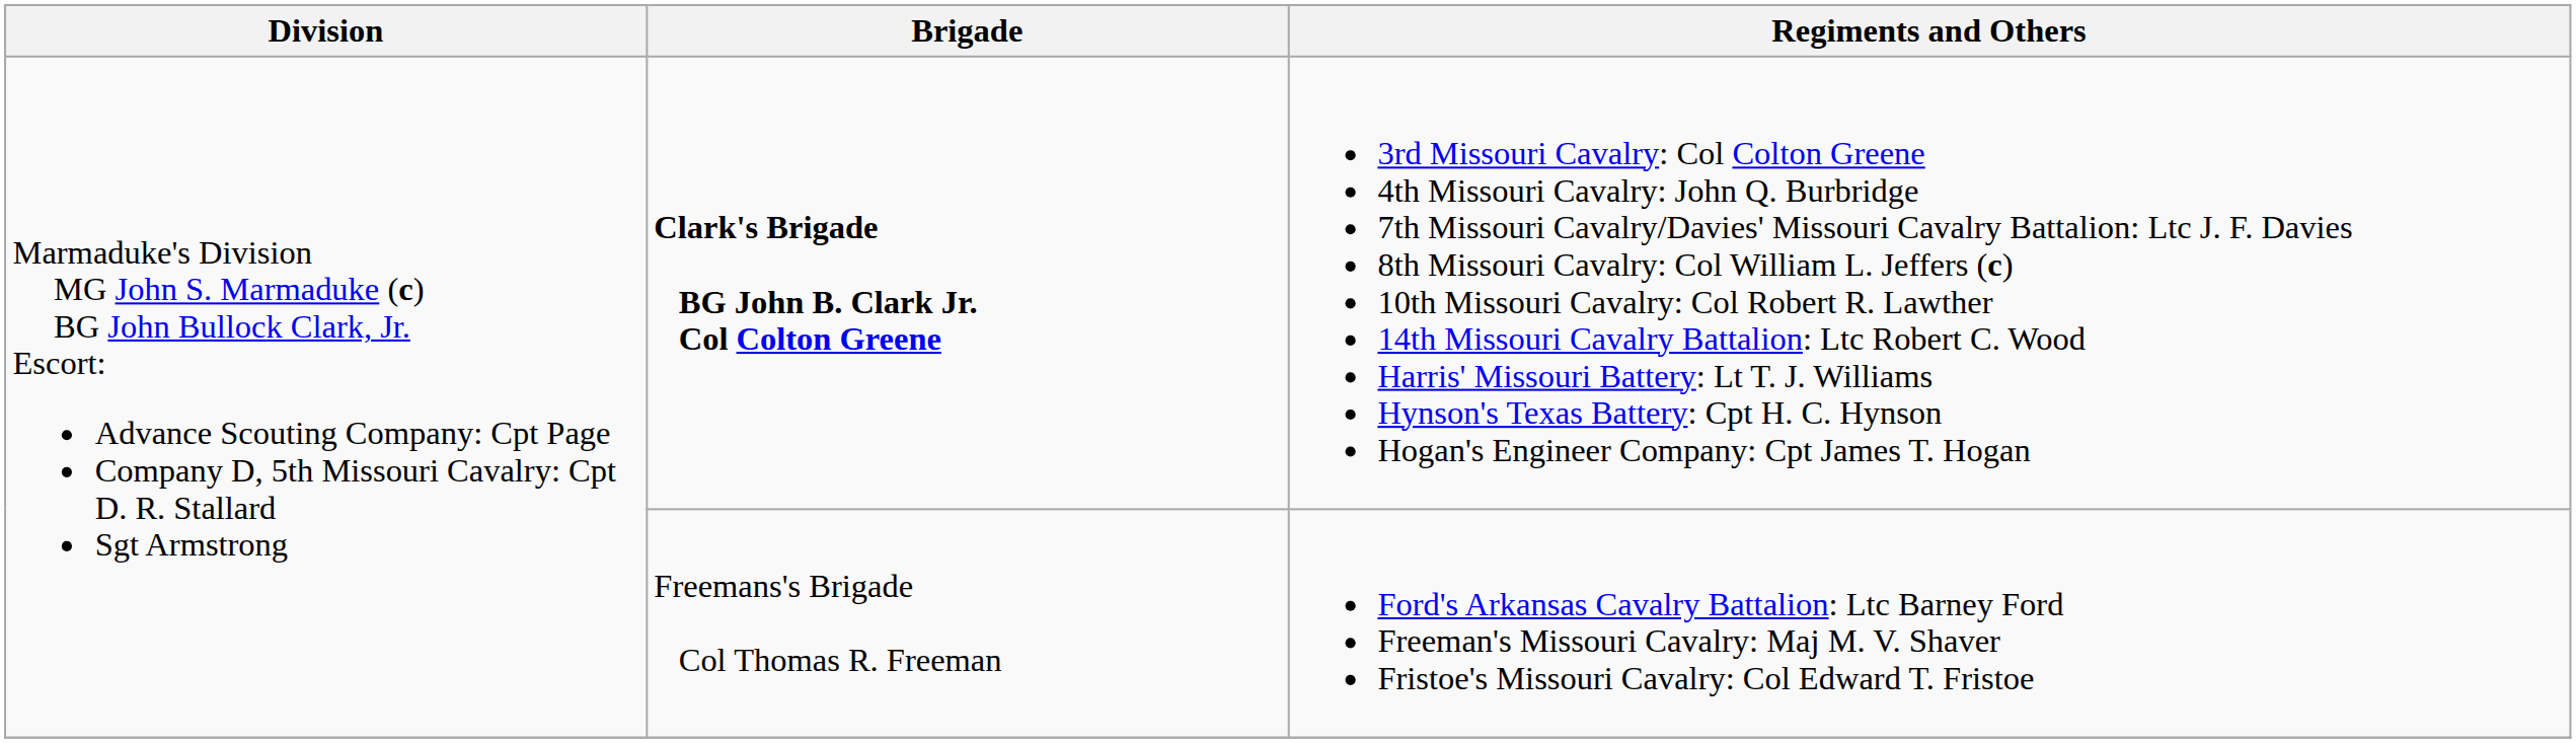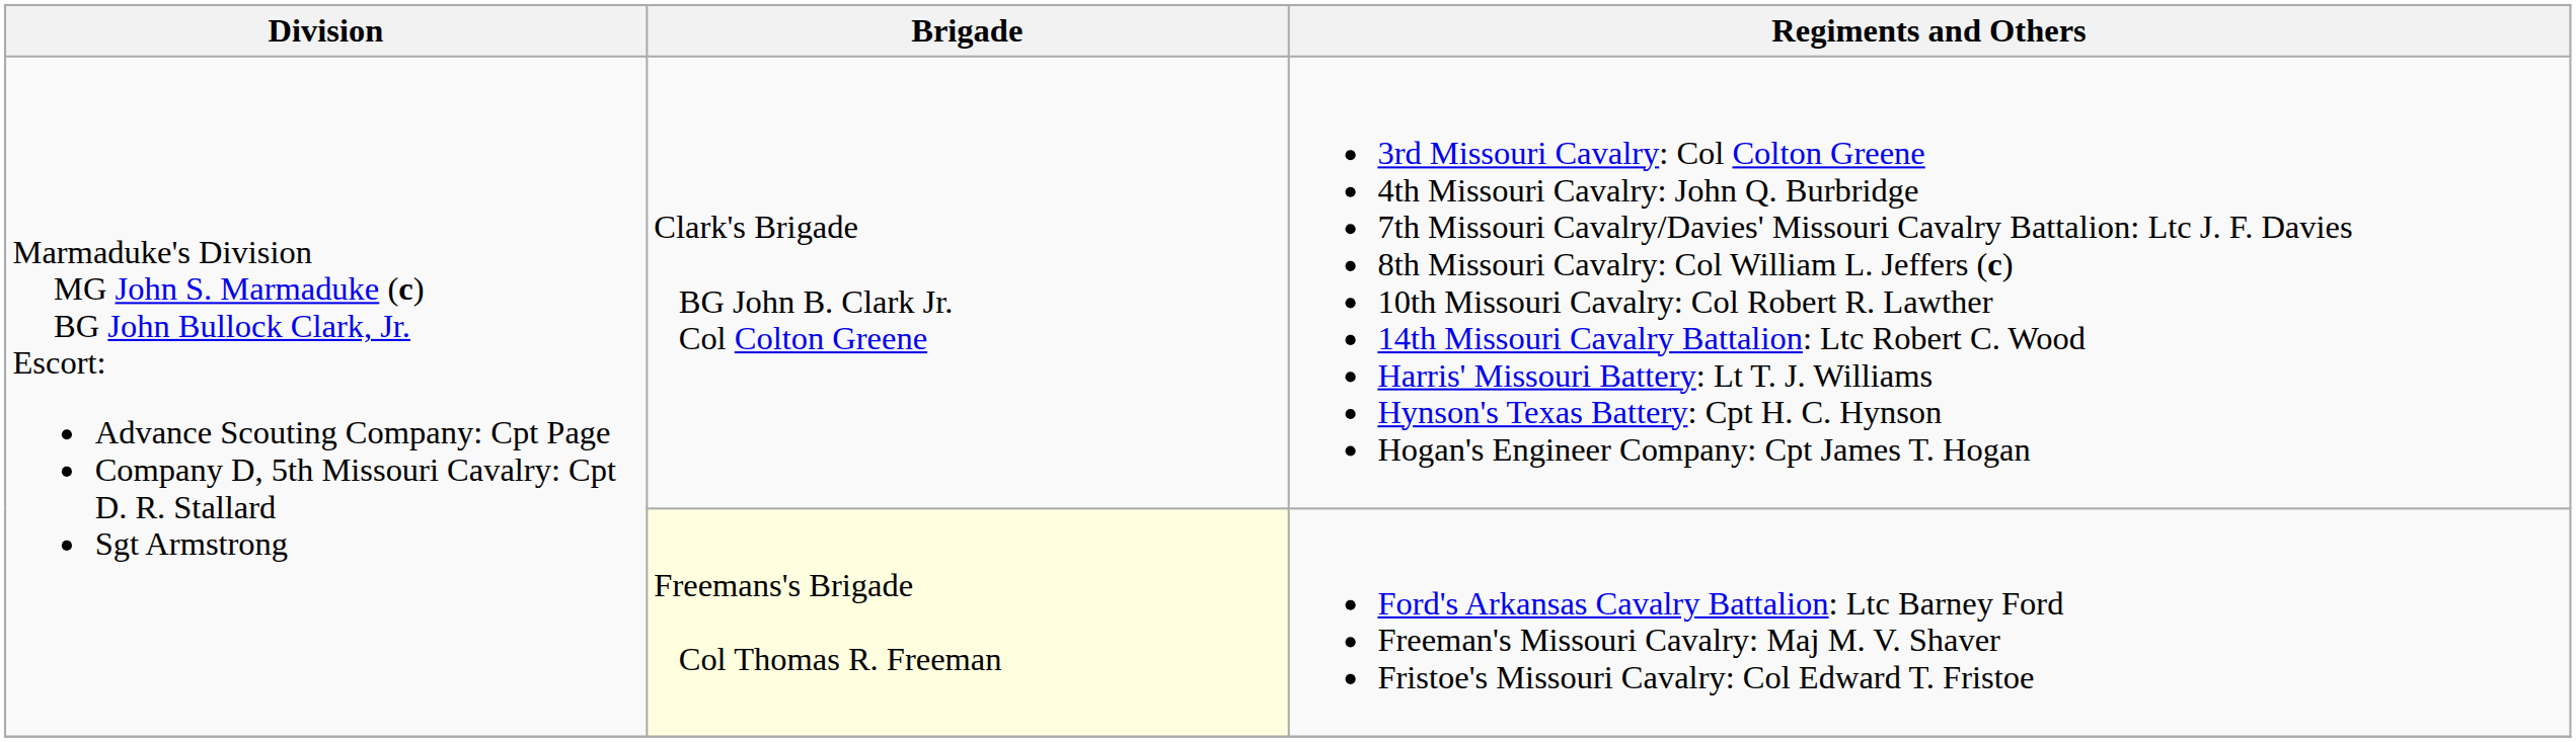 <table class="wikitable">
 <tr>
 <th width=25%>Division</th>
 <th width=25%>Brigade</th>
 <th>Regiments and Others</th>
 </tr>
 <tr>
 <td rowspan=2><br>Marmaduke's Division <br>     MG <a href='#'>John S. Marmaduke</a> (<strong>c</strong>)<br>     BG <a href='#'>John Bullock Clark, Jr.</a><br> Escort:<br><ul><li>Advance Scouting Company: Cpt Page</li><li>Company D, 5th Missouri Cavalry: Cpt D. R. Stallard</li><li>Sgt Armstrong</li></ul></td>
-<td><strong>Clark's Brigade<br><br>   BG John B. Clark Jr.<br>   Col <a href='#'>Colton Greene</a></strong></td>
+<td>Clark's Brigade<br><br>   BG John B. Clark Jr.<br>   Col <a href='#'>Colton Greene</a></td>
 <td><br><ul><li><a href='#'>3rd Missouri Cavalry</a>: Col <a href='#'>Colton Greene</a></li><li>4th Missouri Cavalry: John Q. Burbridge</li><li>7th Missouri Cavalry/Davies' Missouri Cavalry Battalion: Ltc J. F. Davies</li><li>8th Missouri Cavalry: Col William L. Jeffers (<strong>c</strong>)</li><li>10th Missouri Cavalry: Col Robert R. Lawther</li><li><a href='#'>14th Missouri Cavalry Battalion</a>: Ltc Robert C. Wood</li><li><a href='#'>Harris' Missouri Battery</a>: Lt T. J. Williams</li><li><a href='#'>Hynson's Texas Battery</a>: Cpt H. C. Hynson</li><li>Hogan's Engineer Company: Cpt James T. Hogan</li></ul></td>
 </tr>
 <tr>
-<td>Freemans's Brigade<br><br>   Col Thomas R. Freeman</td>
+<td style="background: lightyellow;">Freemans's Brigade<br><br>   Col Thomas R. Freeman</td>
 <td><br><ul><li><a href='#'>Ford's Arkansas Cavalry Battalion</a>: Ltc Barney Ford</li><li>Freeman's Missouri Cavalry: Maj M. V. Shaver</li><li>Fristoe's Missouri Cavalry: Col Edward T. Fristoe</li></ul></td>
 </tr>
 <tr>
 </tr>
 </table>
